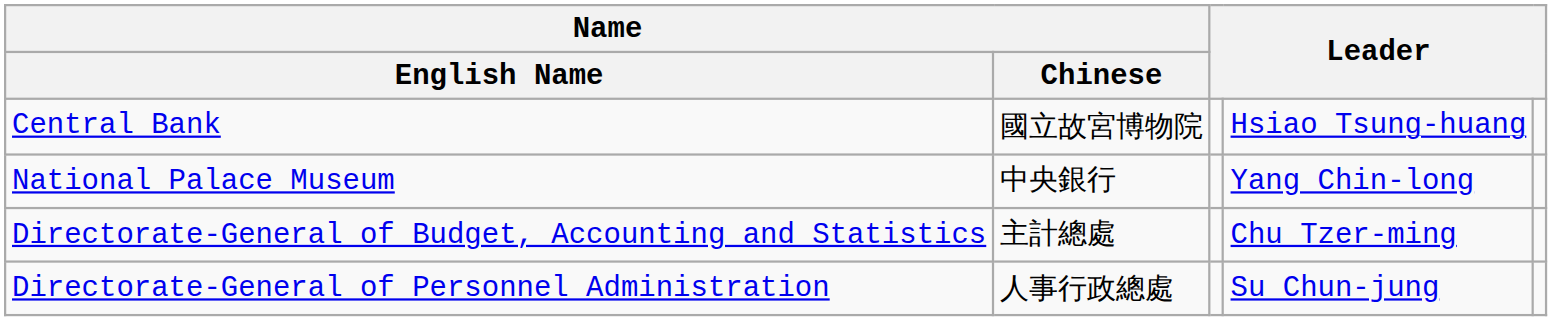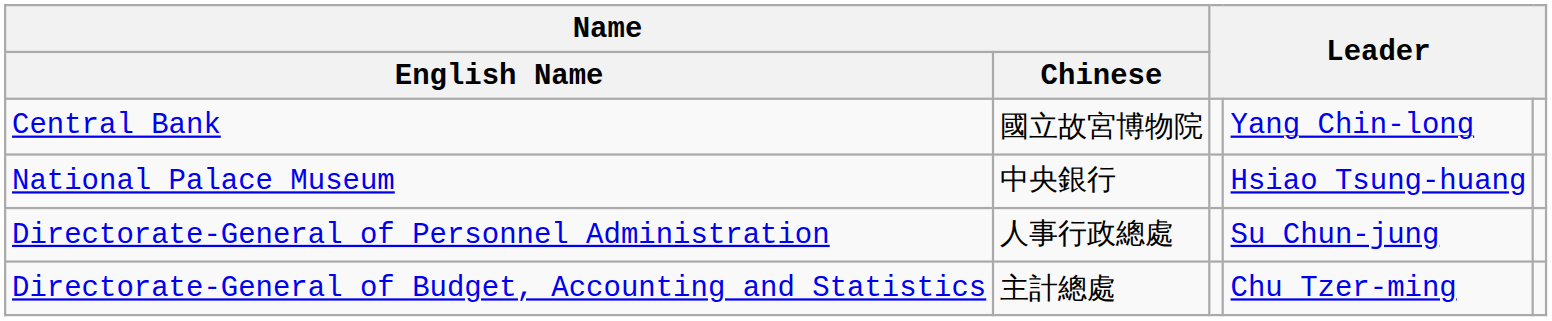 <table class="wikitable sortable">
 <tr>
 <th colspan="2">Name</th>
 <th colspan="3" rowspan="2">Leader</th>
 </tr>
 <tr>
 <th>English Name</th>
 <th>Chinese</th>
 </tr>
 <tr>
 <td><a href='#'>Central Bank</a></td>
 <td>國立故宮博物院</td>
 <td style="background:"></td>
-<td><a href='#'>Hsiao Tsung-huang</a></td>
+<td><a href='#'>Yang Chin-long</a></td>
 <td></td>
 </tr>
 <tr>
 <td><a href='#'>National Palace Museum</a></td>
 <td>中央銀行</td>
 <td style="background:"></td>
-<td><a href='#'>Yang Chin-long</a></td>
+<td><a href='#'>Hsiao Tsung-huang</a></td>
+<td></td>
+</tr>
+<tr>
+<td><a href='#'>Directorate-General of Personnel Administration</a></td>
+<td>人事行政總處</td>
+<td style="background:"></td>
+<td><a href='#'>Su Chun-jung</a></td>
 <td></td>
 </tr>
 <tr>
 <td><a href='#'>Directorate-General of Budget, Accounting and Statistics</a></td>
 <td>主計總處</td>
 <td style="background:"></td>
 <td><a href='#'>Chu Tzer-ming</a></td>
 <td></td>
 </tr>
-<tr>
-<td><a href='#'>Directorate-General of Personnel Administration</a></td>
-<td>人事行政總處</td>
-<td style="background:"></td>
-<td><a href='#'>Su Chun-jung</a></td>
-<td></td>
-</tr>
 </table>
